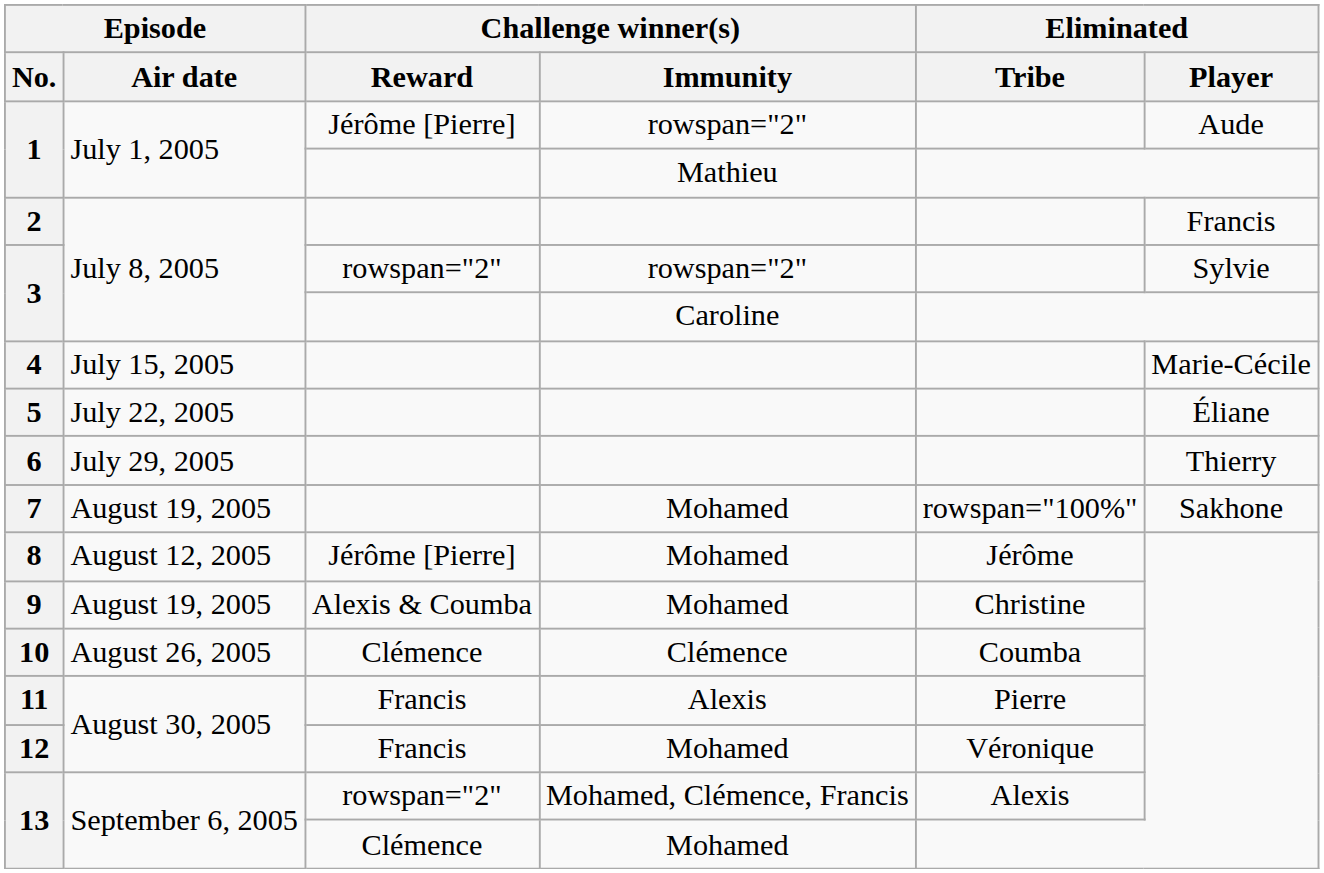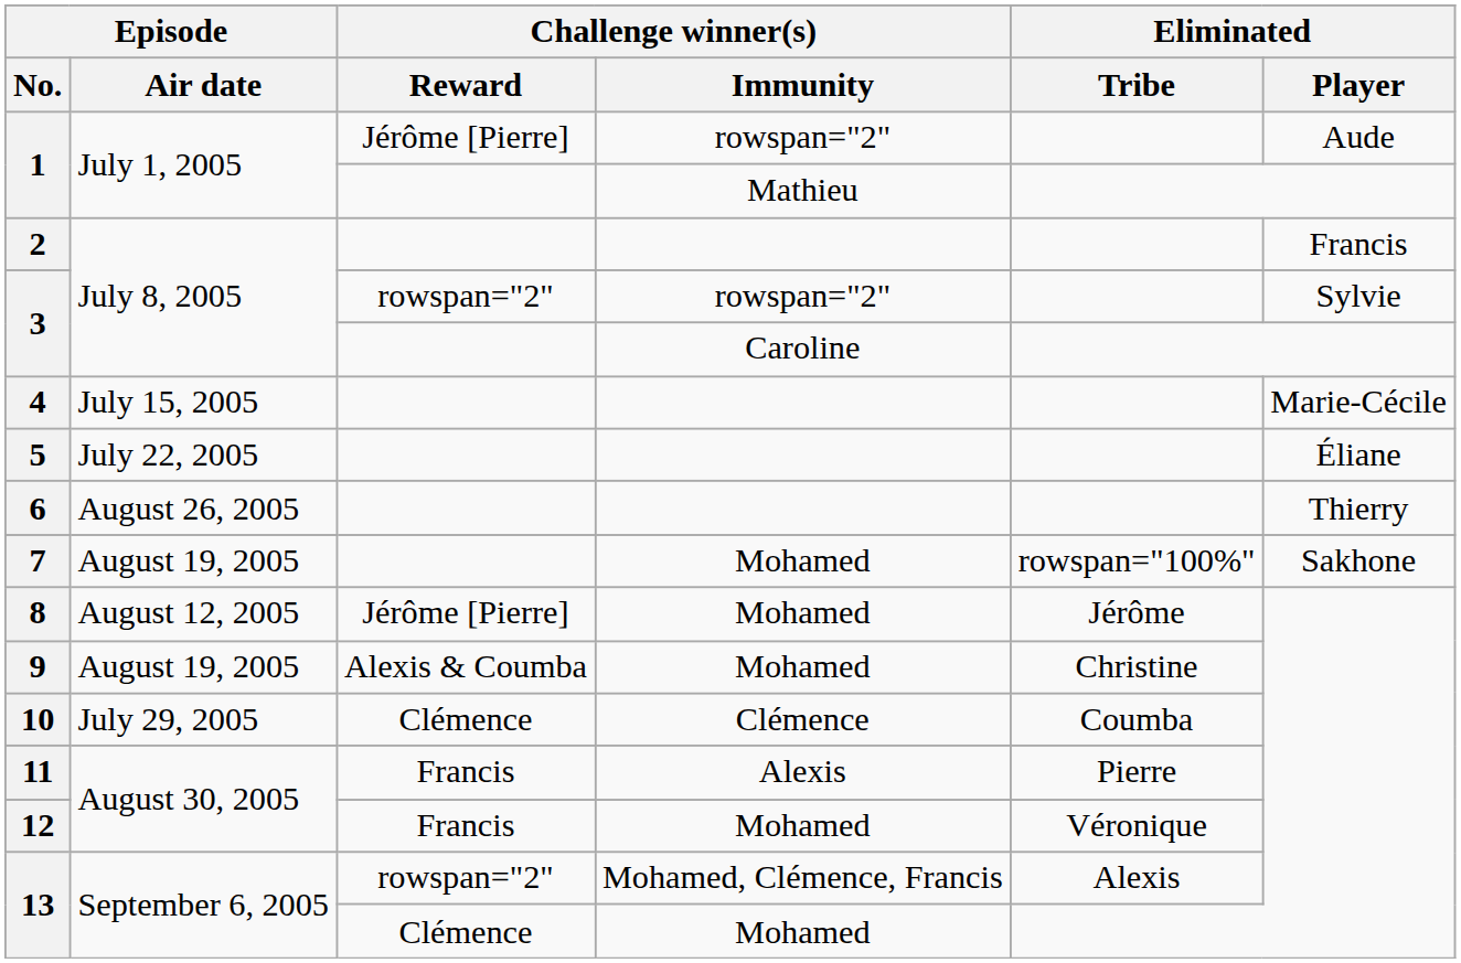 <table class="wikitable unsortable" style="text-align:center;">
 <tr>
 <th colspan="2" scope="col">Episode</th>
 <th colspan="2" scope="col">Challenge winner(s)</th>
 <th colspan="2" scope="col">Eliminated</th>
 </tr>
 <tr>
 <th scope="col">No.</th>
 <th scope="col">Air date</th>
 <th scope="col">Reward</th>
 <th scope="col">Immunity</th>
 <th scope="col">Tribe</th>
 <th scope="col">Player</th>
 </tr>
 <tr>
 <th rowspan="2" scope="row">1</th>
 <td rowspan="2" align="left">July 1, 2005</td>
 <td>Jérôme [Pierre]</td>
 <td>rowspan="2" </td>
 <td></td>
 <td>Aude</td>
 </tr>
 <tr>
 <td></td>
 <td>Mathieu</td>
 </tr>
 <tr>
 <th scope="row">2</th>
 <td rowspan="3" align="left">July 8, 2005</td>
 <td></td>
 <td></td>
 <td></td>
 <td>Francis</td>
 </tr>
 <tr>
 <th rowspan="2" scope="row">3</th>
 <td>rowspan="2" </td>
 <td>rowspan="2" </td>
 <td></td>
 <td>Sylvie</td>
 </tr>
 <tr>
 <td></td>
 <td>Caroline</td>
 </tr>
 <tr>
 <th scope="row">4</th>
 <td align="left">July 15, 2005</td>
 <td></td>
 <td></td>
 <td></td>
 <td>Marie-Cécile</td>
 </tr>
 <tr>
 <th scope="row">5</th>
 <td align="left">July 22, 2005</td>
 <td></td>
 <td></td>
 <td></td>
 <td>Éliane</td>
 </tr>
 <tr>
 <th scope="row">6</th>
-<td align="left">July 29, 2005</td>
+<td align="left">August 26, 2005</td>
 <td></td>
 <td></td>
 <td></td>
 <td>Thierry</td>
 </tr>
 <tr>
 <th scope="row">7</th>
 <td align="left">August 19, 2005</td>
 <td></td>
 <td>Mohamed</td>
 <td>rowspan="100%" </td>
 <td>Sakhone</td>
 </tr>
 <tr>
 <th scope="row">8</th>
 <td align="left">August 12, 2005</td>
 <td>Jérôme [Pierre]</td>
 <td>Mohamed</td>
 <td>Jérôme</td>
 </tr>
 <tr>
 <th scope="row">9</th>
 <td align="left">August 19, 2005</td>
 <td>Alexis & Coumba</td>
 <td>Mohamed</td>
 <td>Christine</td>
 </tr>
 <tr>
 <th scope="row">10</th>
-<td align="left">August 26, 2005</td>
+<td align="left">July 29, 2005</td>
 <td>Clémence</td>
 <td>Clémence</td>
 <td>Coumba</td>
 </tr>
 <tr>
 <th scope="row">11</th>
 <td rowspan="2" align="left">August 30, 2005</td>
 <td>Francis</td>
 <td>Alexis</td>
 <td>Pierre</td>
 </tr>
 <tr>
 <th scope="row">12</th>
 <td>Francis</td>
 <td>Mohamed</td>
 <td>Véronique</td>
 </tr>
 <tr>
 <th rowspan="2" scope="row">13</th>
 <td rowspan="2" align"left">September 6, 2005</td>
 <td>rowspan="2" </td>
 <td>Mohamed, Clémence, Francis</td>
 <td>Alexis</td>
 </tr>
 <tr>
 <td>Clémence</td>
 <td>Mohamed</td>
 </tr>
 </table>
